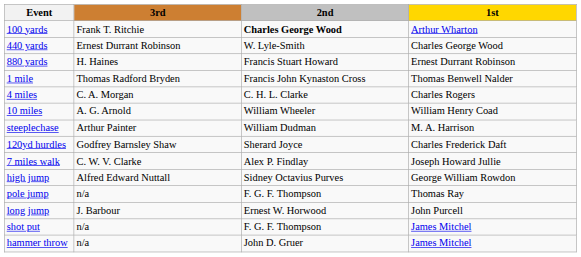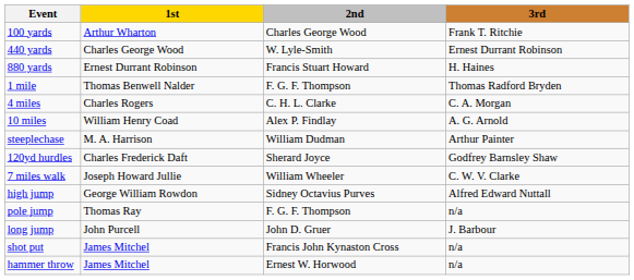 <table class="wikitable" style="text-align:left">
 <tr>
 <th width=100>Event</th>
+<th width="250" style="background:gold;">1st</th>
+<th width="250" style="background:silver;">2nd</th>
 <th width="250" style="background:#CD7F32;">3rd</th>
-<th width="250" style="background:silver;">2nd</th>
-<th width="250" style="background:gold;">1st</th>
 </tr>
 <tr>
 <td><a href='#'>100 yards</a></td>
+<td> <a href='#'>Arthur Wharton</a></td>
+<td>Charles George Wood</td>
 <td>Frank T. Ritchie</td>
-<td><strong>Charles George Wood</strong></td>
-<td> <a href='#'>Arthur Wharton</a></td>
 </tr>
 <tr>
 <td><a href='#'>440 yards</a></td>
+<td>Charles George Wood</td>
+<td>W. Lyle-Smith</td>
 <td>Ernest Durrant Robinson</td>
-<td>W. Lyle-Smith</td>
-<td>Charles George Wood</td>
 </tr>
 <tr>
 <td><a href='#'>880 yards</a></td>
+<td>Ernest Durrant Robinson</td>
+<td>Francis Stuart Howard</td>
 <td>H. Haines</td>
-<td>Francis Stuart Howard</td>
-<td>Ernest Durrant Robinson</td>
 </tr>
 <tr>
 <td><a href='#'>1 mile</a></td>
+<td>Thomas Benwell Nalder</td>
+<td>F. G. F. Thompson</td>
 <td>Thomas Radford Bryden</td>
-<td>Francis John Kynaston Cross</td>
-<td>Thomas Benwell Nalder</td>
 </tr>
 <tr>
 <td><a href='#'>4 miles</a></td>
+<td>Charles Rogers</td>
+<td>C. H. L. Clarke</td>
 <td>C. A. Morgan</td>
-<td>C. H. L. Clarke</td>
-<td>Charles Rogers</td>
 </tr>
 <tr>
 <td><a href='#'>10 miles</a></td>
+<td>William Henry Coad</td>
+<td> Alex P. Findlay</td>
 <td>A. G. Arnold</td>
-<td>William Wheeler</td>
-<td>William Henry Coad</td>
 </tr>
 <tr>
 <td><a href='#'>steeplechase</a></td>
+<td>M. A. Harrison</td>
+<td>William Dudman</td>
 <td>Arthur Painter</td>
-<td>William Dudman</td>
-<td>M. A. Harrison</td>
 </tr>
 <tr>
 <td><a href='#'>120yd hurdles</a></td>
+<td>Charles Frederick Daft</td>
+<td>Sherard Joyce</td>
 <td>Godfrey Barnsley Shaw</td>
-<td>Sherard Joyce</td>
-<td>Charles Frederick Daft</td>
 </tr>
 <tr>
 <td><a href='#'>7 miles walk</a></td>
+<td>Joseph Howard Jullie</td>
+<td>William Wheeler</td>
 <td>C. W. V. Clarke</td>
-<td> Alex P. Findlay</td>
-<td>Joseph Howard Jullie</td>
 </tr>
 <tr>
 <td><a href='#'>high jump</a></td>
+<td>George William Rowdon</td>
+<td>Sidney Octavius Purves</td>
 <td>Alfred Edward Nuttall</td>
-<td>Sidney Octavius Purves</td>
-<td>George William Rowdon</td>
 </tr>
 <tr>
 <td><a href='#'>pole jump</a></td>
+<td>Thomas Ray</td>
+<td>F. G. F. Thompson</td>
 <td>n/a</td>
-<td>F. G. F. Thompson</td>
-<td>Thomas Ray</td>
 </tr>
 <tr>
 <td><a href='#'>long jump</a></td>
+<td> John Purcell</td>
+<td> John D. Gruer</td>
 <td> J. Barbour</td>
-<td>Ernest W. Horwood</td>
-<td> John Purcell</td>
 </tr>
 <tr>
 <td><a href='#'>shot put</a></td>
+<td> <a href='#'>James Mitchel</a></td>
+<td>Francis John Kynaston Cross</td>
 <td>n/a</td>
-<td>F. G. F. Thompson</td>
-<td> <a href='#'>James Mitchel</a></td>
 </tr>
 <tr>
 <td><a href='#'>hammer throw</a></td>
+<td> <a href='#'>James Mitchel</a></td>
+<td>Ernest W. Horwood</td>
 <td>n/a</td>
-<td> John D. Gruer</td>
-<td> <a href='#'>James Mitchel</a></td>
 </tr>
 </table>
